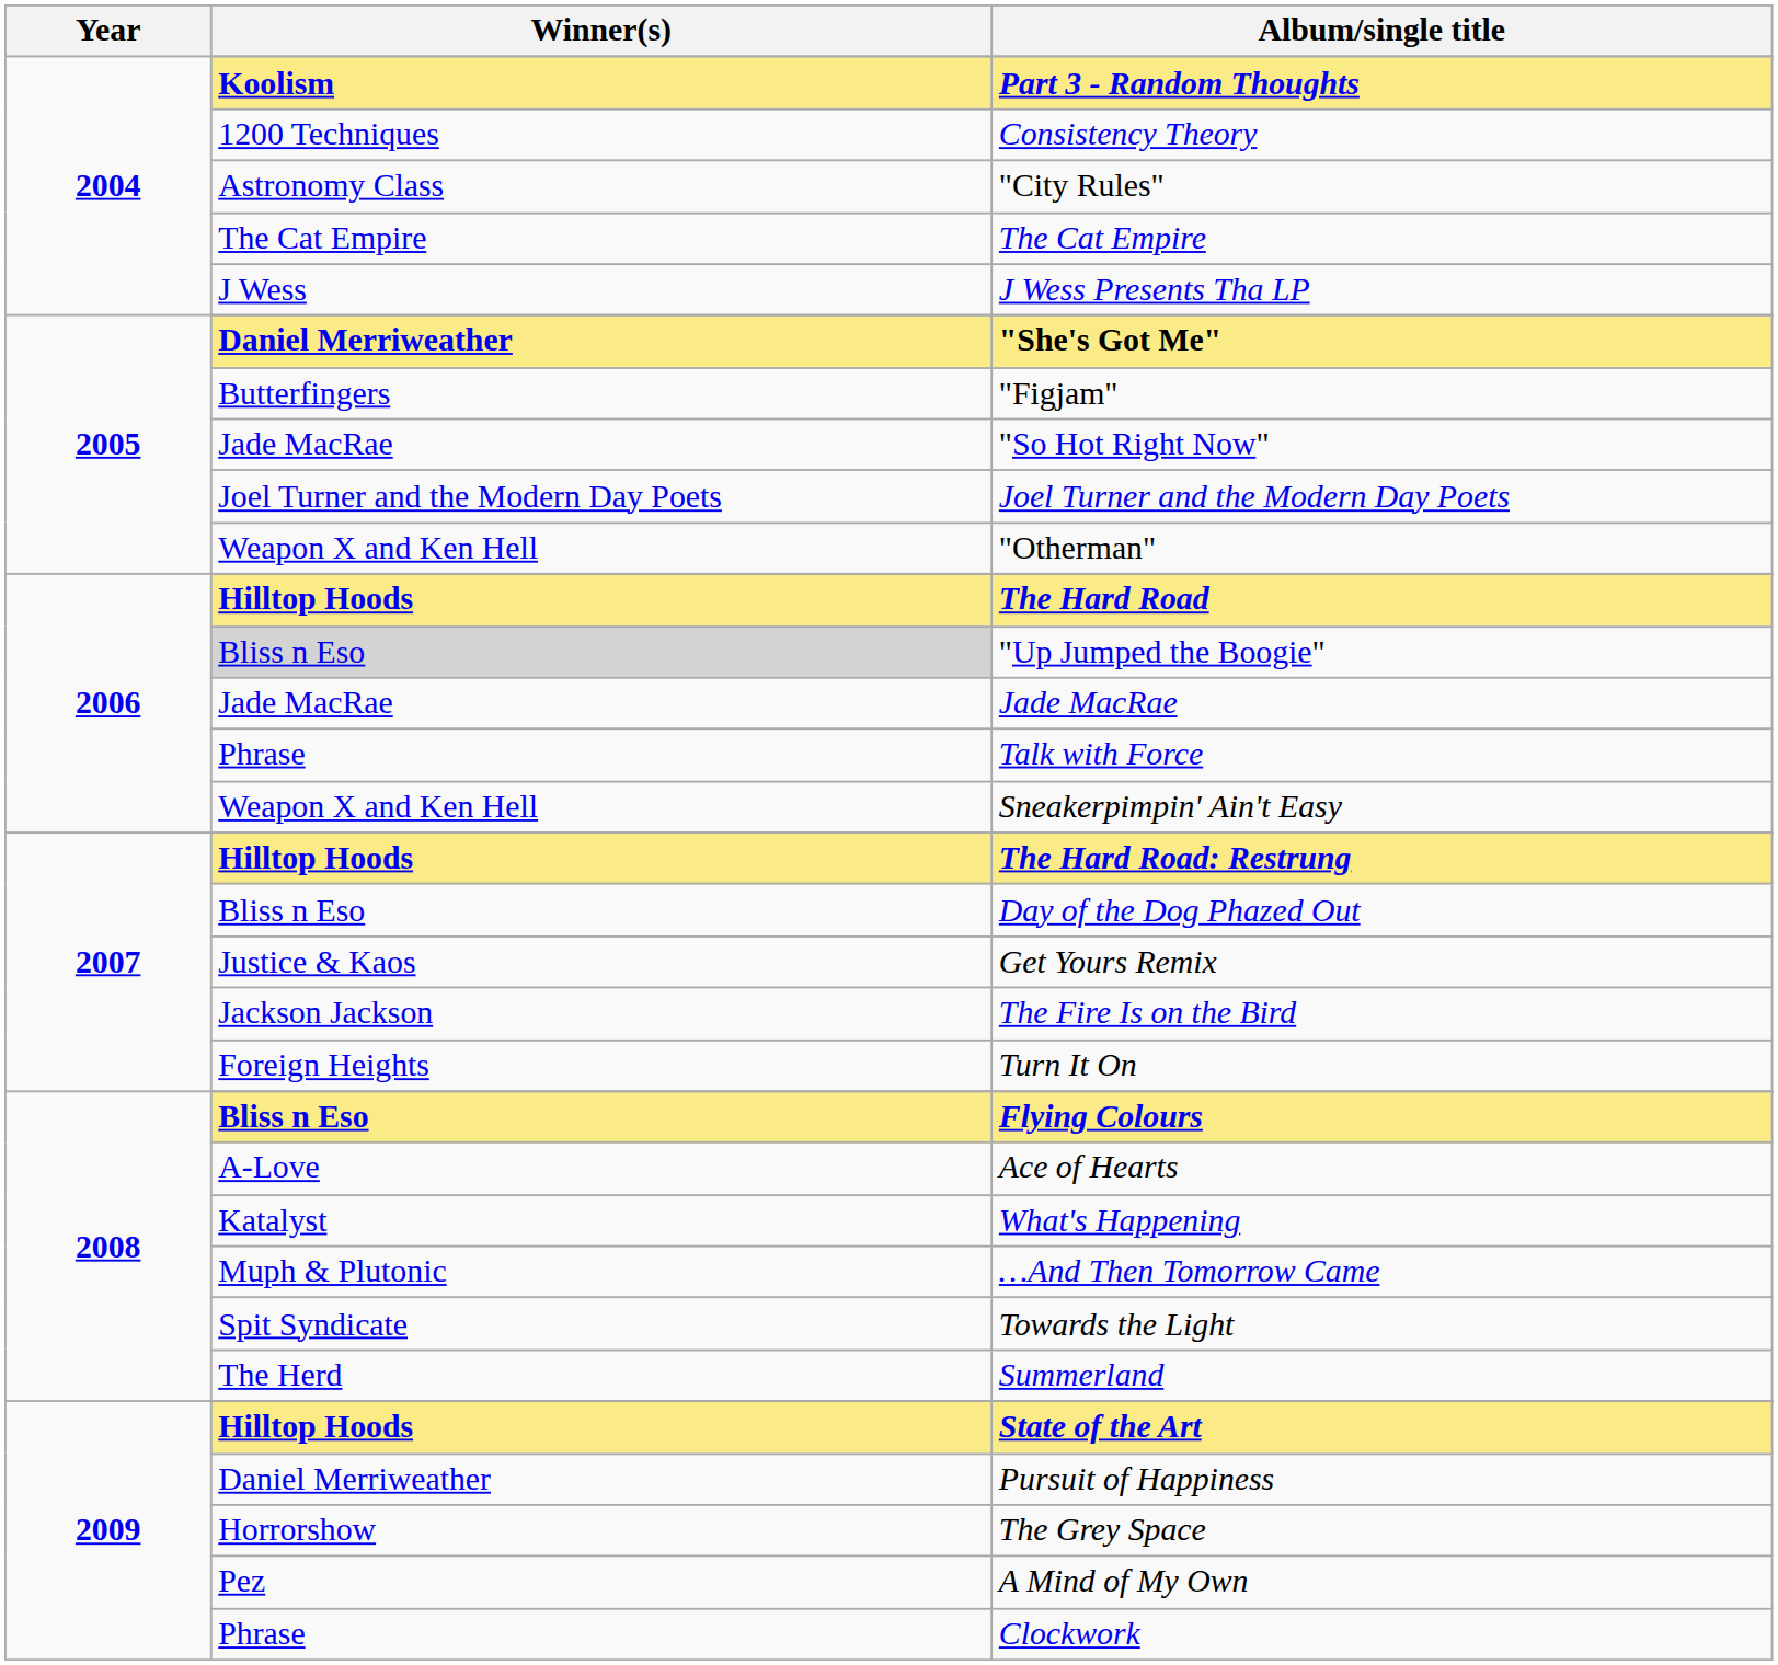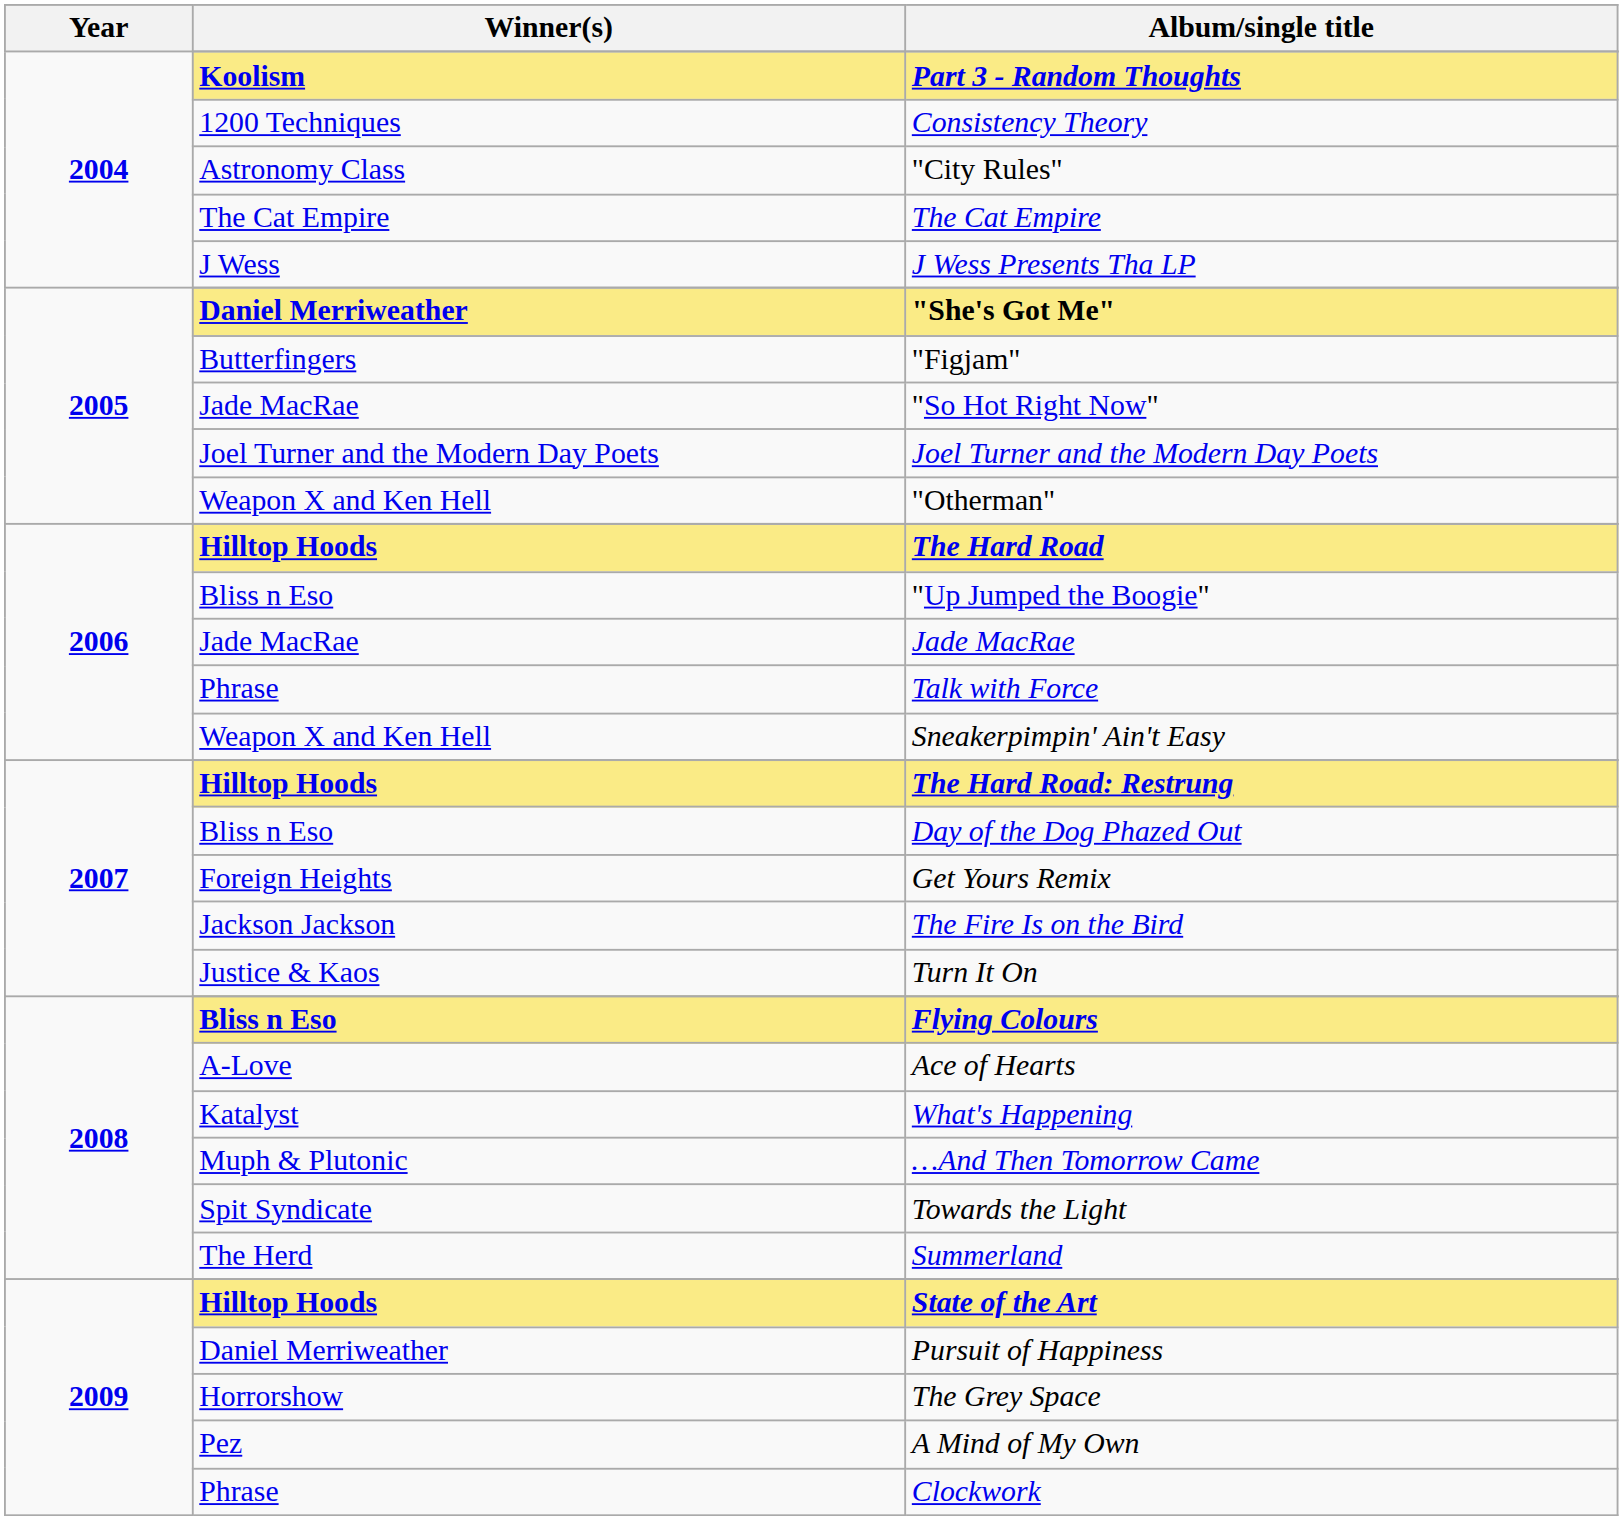 <table class="sortable wikitable">
 <tr>
 <th width="5%">Year</th>
 <th width="19%">Winner(s)</th>
 <th width="19%">Album/single title</th>
 </tr>
 <tr>
 <td rowspan="6" align="center"><strong><a href='#'>2004</a></strong><br></td>
 </tr>
 <tr style="background:#FAEB86">
 <td><strong><a href='#'>Koolism</a></strong></td>
 <td><strong><em><a href='#'>Part 3 - Random Thoughts</a></em></strong></td>
 </tr>
 <tr>
 <td><a href='#'>1200 Techniques</a></td>
 <td><em><a href='#'>Consistency Theory</a></em></td>
 </tr>
 <tr>
 <td><a href='#'>Astronomy Class</a></td>
 <td>"City Rules"</td>
 </tr>
 <tr>
 <td><a href='#'>The Cat Empire</a></td>
 <td><em><a href='#'>The Cat Empire</a></em></td>
 </tr>
 <tr>
 <td><a href='#'>J Wess</a></td>
 <td><em><a href='#'>J Wess Presents Tha LP</a></em></td>
 </tr>
 <tr>
 <td rowspan="6" align="center"><strong><a href='#'>2005</a></strong><br></td>
 </tr>
 <tr style="background:#FAEB86">
 <td><strong><a href='#'>Daniel Merriweather</a></strong></td>
 <td><strong>"She's Got Me"</strong></td>
 </tr>
 <tr>
 <td><a href='#'>Butterfingers</a></td>
 <td>"Figjam"</td>
 </tr>
 <tr>
 <td><a href='#'>Jade MacRae</a></td>
 <td>"<a href='#'>So Hot Right Now</a>"</td>
 </tr>
 <tr>
 <td><a href='#'>Joel Turner and the Modern Day Poets</a></td>
 <td><em><a href='#'>Joel Turner and the Modern Day Poets</a></em></td>
 </tr>
 <tr>
 <td><a href='#'>Weapon X and Ken Hell</a></td>
 <td>"Otherman"</td>
 </tr>
 <tr>
 <td rowspan="6" align="center"><strong><a href='#'>2006</a></strong><br></td>
 </tr>
 <tr style="background:#FAEB86">
 <td><strong><a href='#'>Hilltop Hoods</a></strong></td>
 <td><strong><em><a href='#'>The Hard Road</a></em></strong></td>
 </tr>
 <tr>
-<td style="background: lightgrey;"><a href='#'>Bliss n Eso</a></td>
+<td><a href='#'>Bliss n Eso</a></td>
 <td>"<a href='#'>Up Jumped the Boogie</a>"</td>
 </tr>
 <tr>
 <td><a href='#'>Jade MacRae</a></td>
 <td><em><a href='#'>Jade MacRae</a></em></td>
 </tr>
 <tr>
 <td><a href='#'>Phrase</a></td>
 <td><em><a href='#'>Talk with Force</a></em></td>
 </tr>
 <tr>
 <td><a href='#'>Weapon X and Ken Hell</a></td>
 <td><em>Sneakerpimpin' Ain't Easy</em></td>
 </tr>
 <tr>
 <td rowspan="6" align="center"><strong><a href='#'>2007</a></strong><br></td>
 </tr>
 <tr style="background:#FAEB86">
 <td><strong><a href='#'>Hilltop Hoods</a></strong></td>
 <td><strong><em><a href='#'>The Hard Road: Restrung</a></em></strong></td>
 </tr>
 <tr>
 <td><a href='#'>Bliss n Eso</a></td>
 <td><em><a href='#'>Day of the Dog Phazed Out</a></em></td>
 </tr>
 <tr>
-<td><a href='#'>Justice & Kaos</a></td>
+<td><a href='#'>Foreign Heights</a></td>
 <td><em>Get Yours Remix</em></td>
 </tr>
 <tr>
 <td><a href='#'>Jackson Jackson</a></td>
 <td><em><a href='#'>The Fire Is on the Bird</a></em></td>
 </tr>
 <tr>
-<td><a href='#'>Foreign Heights</a></td>
+<td><a href='#'>Justice & Kaos</a></td>
 <td><em>Turn It On</em></td>
 </tr>
 <tr>
 <td rowspan="7" align="center"><strong><a href='#'>2008</a></strong><br></td>
 </tr>
 <tr style="background:#FAEB86">
 <td><strong><a href='#'>Bliss n Eso</a></strong></td>
 <td><strong><em><a href='#'>Flying Colours</a></em></strong></td>
 </tr>
 <tr>
 <td><a href='#'>A-Love</a></td>
 <td><em>Ace of Hearts</em></td>
 </tr>
 <tr>
 <td><a href='#'>Katalyst</a></td>
 <td><em><a href='#'>What's Happening</a></em></td>
 </tr>
 <tr>
 <td><a href='#'>Muph & Plutonic</a></td>
 <td><em><a href='#'>…And Then Tomorrow Came</a></em></td>
 </tr>
 <tr>
 <td><a href='#'>Spit Syndicate</a></td>
 <td><em>Towards the Light</em></td>
 </tr>
 <tr>
 <td><a href='#'>The Herd</a></td>
 <td><em><a href='#'>Summerland</a></em></td>
 </tr>
 <tr>
 <td rowspan="6" align="center"><strong><a href='#'>2009</a></strong><br></td>
 </tr>
 <tr style="background:#FAEB86">
 <td><strong><a href='#'>Hilltop Hoods</a></strong></td>
 <td><strong><em><a href='#'>State of the Art</a></em></strong></td>
 </tr>
 <tr>
 <td><a href='#'>Daniel Merriweather</a></td>
 <td><em>Pursuit of Happiness</em></td>
 </tr>
 <tr>
 <td><a href='#'>Horrorshow</a></td>
 <td><em>The Grey Space</em></td>
 </tr>
 <tr>
 <td><a href='#'>Pez</a></td>
 <td><em>A Mind of My Own</em></td>
 </tr>
 <tr>
 <td><a href='#'>Phrase</a></td>
 <td><em><a href='#'>Clockwork</a></em></td>
 </tr>
 </table>
